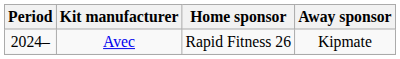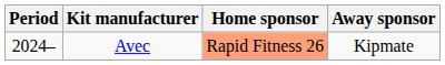 <table class="wikitable" style="text-align:center">
 <tr>
 <th>Period</th>
 <th>Kit manufacturer</th>
 <th>Home sponsor</th>
 <th>Away sponsor</th>
 </tr>
 <tr>
 <td>2024–</td>
 <td rowspan="1"><a href='#'>Avec</a></td>
-<td>Rapid Fitness 26</td>
+<td style="background: lightsalmon;">Rapid Fitness 26</td>
 <td>Kipmate</td>
 </tr>
 <tr>
 </tr>
 </table>
